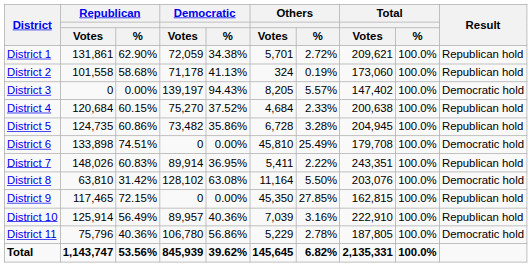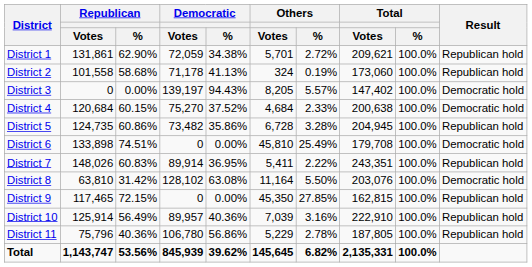 <table class="wikitable plainrowheaders sortable" style="font-size:100%; text-align:right;">
 <tr>
 <th scope=col rowspan=3><a href='#'>District</a></th>
 <th scope=col colspan=2><a href='#'>Republican</a></th>
 <th scope=col colspan=2><a href='#'>Democratic</a></th>
 <th scope=col colspan=2>Others</th>
 <th scope=col colspan=2>Total</th>
 <th scope=col rowspan=3>Result</th>
 </tr>
 <tr>
 <th scope=col colspan=2 style="background:"></th>
 <th scope=col colspan=2 style="background:"></th>
 <th scope=col colspan=2></th>
 <th scope=col colspan=2></th>
 </tr>
 <tr>
 <th scope=col data-sort-type="number">Votes</th>
 <th scope=col data-sort-type="number">%</th>
 <th scope=col data-sort-type="number">Votes</th>
 <th scope=col data-sort-type="number">%</th>
 <th scope=col data-sort-type="number">Votes</th>
 <th scope=col data-sort-type="number">%</th>
 <th scope=col data-sort-type="number">Votes</th>
 <th scope=col data-sort-type="number">%</th>
 </tr>
 <tr>
 <td align=left><a href='#'>District 1</a></td>
 <td>131,861</td>
 <td>62.90%</td>
 <td>72,059</td>
 <td>34.38%</td>
 <td>5,701</td>
 <td>2.72%</td>
 <td>209,621</td>
 <td>100.0%</td>
 <td align=left>Republican hold</td>
 </tr>
 <tr>
 <td align=left><a href='#'>District 2</a></td>
 <td>101,558</td>
 <td>58.68%</td>
 <td>71,178</td>
 <td>41.13%</td>
 <td>324</td>
 <td>0.19%</td>
 <td>173,060</td>
 <td>100.0%</td>
 <td align=left>Republican hold</td>
 </tr>
 <tr>
 <td align=left><a href='#'>District 3</a></td>
 <td>0</td>
 <td>0.00%</td>
 <td>139,197</td>
 <td>94.43%</td>
 <td>8,205</td>
 <td>5.57%</td>
 <td>147,402</td>
 <td>100.0%</td>
 <td align=left>Democratic hold</td>
 </tr>
 <tr>
 <td align=left><a href='#'>District 4</a></td>
 <td>120,684</td>
 <td>60.15%</td>
 <td>75,270</td>
 <td>37.52%</td>
 <td>4,684</td>
 <td>2.33%</td>
 <td>200,638</td>
 <td>100.0%</td>
-<td align=left>Republican hold</td>
+<td align=left>Democratic hold</td>
 </tr>
 <tr>
 <td align=left><a href='#'>District 5</a></td>
 <td>124,735</td>
 <td>60.86%</td>
 <td>73,482</td>
 <td>35.86%</td>
 <td>6,728</td>
 <td>3.28%</td>
 <td>204,945</td>
 <td>100.0%</td>
 <td align=left>Republican hold</td>
 </tr>
 <tr>
 <td align=left><a href='#'>District 6</a></td>
 <td>133,898</td>
 <td>74.51%</td>
 <td>0</td>
 <td>0.00%</td>
 <td>45,810</td>
 <td>25.49%</td>
 <td>179,708</td>
 <td>100.0%</td>
 <td align=left>Democratic hold</td>
 </tr>
 <tr>
 <td align=left><a href='#'>District 7</a></td>
 <td>148,026</td>
 <td>60.83%</td>
 <td>89,914</td>
 <td>36.95%</td>
 <td>5,411</td>
 <td>2.22%</td>
 <td>243,351</td>
 <td>100.0%</td>
 <td align=left>Republican hold</td>
 </tr>
 <tr>
 <td align=left><a href='#'>District 8</a></td>
 <td>63,810</td>
 <td>31.42%</td>
 <td>128,102</td>
 <td>63.08%</td>
 <td>11,164</td>
 <td>5.50%</td>
 <td>203,076</td>
 <td>100.0%</td>
 <td align=left>Democratic hold</td>
 </tr>
 <tr>
 <td align=left><a href='#'>District 9</a></td>
 <td>117,465</td>
 <td>72.15%</td>
 <td>0</td>
 <td>0.00%</td>
 <td>45,350</td>
 <td>27.85%</td>
 <td>162,815</td>
 <td>100.0%</td>
 <td align=left>Republican hold</td>
 </tr>
 <tr>
 <td align=left><a href='#'>District 10</a></td>
 <td>125,914</td>
 <td>56.49%</td>
 <td>89,957</td>
 <td>40.36%</td>
 <td>7,039</td>
 <td>3.16%</td>
 <td>222,910</td>
 <td>100.0%</td>
 <td align=left>Republican hold</td>
 </tr>
 <tr>
 <td align=left><a href='#'>District 11</a></td>
 <td>75,796</td>
 <td>40.36%</td>
 <td>106,780</td>
 <td>56.86%</td>
 <td>5,229</td>
 <td>2.78%</td>
 <td>187,805</td>
 <td>100.0%</td>
-<td align=left>Democratic hold</td>
+<td align=left>Republican hold</td>
 </tr>
 <tr class="sortbottom" style="font-weight:bold">
 <td align=left>Total</td>
 <td>1,143,747</td>
 <td>53.56%</td>
 <td>845,939</td>
 <td>39.62%</td>
 <td>145,645</td>
 <td>6.82%</td>
 <td>2,135,331</td>
 <td>100.0%</td>
 <td></td>
 </tr>
 </table>
